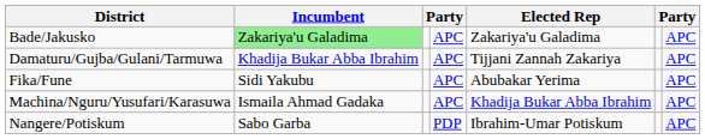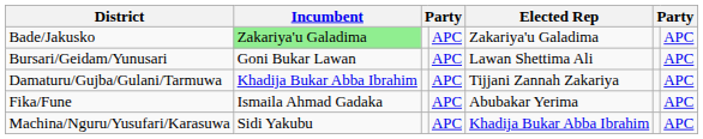 <table class="sortable wikitable" style="font-size:95%;line-height:14px;">
 <tr>
 <th class="unsortable">District</th>
 <th class="unsortable"><a href='#'>Incumbent</a></th>
 <th colspan="2">Party</th>
 <th class="unsortable">Elected Rep</th>
 <th colspan="2">Party</th>
 </tr>
 <tr>
 <td>Bade/Jakusko</td>
 <td style="background: lightgreen;">Zakariya'u Galadima</td>
 <td style="background:"></td>
 <td><a href='#'>APC</a></td>
 <td>Zakariya'u Galadima</td>
 <td style="background:"></td>
 <td><a href='#'>APC</a></td>
 </tr>
 <tr>
+<td>Bursari/Geidam/Yunusari</td>
+<td>Goni Bukar Lawan</td>
+<td style="background:"></td>
+<td><a href='#'>APC</a></td>
+<td>Lawan Shettima Ali</td>
+<td style="background:"></td>
+<td><a href='#'>APC</a></td>
+</tr>
+<tr>
 <td>Damaturu/Gujba/Gulani/Tarmuwa</td>
 <td><a href='#'>Khadija Bukar Abba Ibrahim</a></td>
 <td style="background:"></td>
 <td><a href='#'>APC</a></td>
 <td>Tijjani Zannah Zakariya</td>
 <td style="background:"></td>
 <td><a href='#'>APC</a></td>
 </tr>
 <tr>
 <td>Fika/Fune</td>
-<td>Sidi Yakubu</td>
+<td>Ismaila Ahmad Gadaka</td>
 <td style="background:"></td>
 <td><a href='#'>APC</a></td>
 <td>Abubakar Yerima</td>
 <td style="background:"></td>
 <td><a href='#'>APC</a></td>
 </tr>
 <tr>
 <td>Machina/Nguru/Yusufari/Karasuwa</td>
-<td>Ismaila Ahmad Gadaka</td>
+<td>Sidi Yakubu</td>
 <td style="background:"></td>
 <td><a href='#'>APC</a></td>
 <td><a href='#'>Khadija Bukar Abba Ibrahim</a></td>
 <td style="background:"></td>
 <td><a href='#'>APC</a></td>
 </tr>
-<tr>
-<td>Nangere/Potiskum</td>
-<td>Sabo Garba</td>
-<td style="background:"></td>
-<td><a href='#'>PDP</a></td>
-<td>Ibrahim-Umar Potiskum</td>
-<td style="background:"></td>
-<td><a href='#'>APC</a></td>
-</tr>
 </table>
